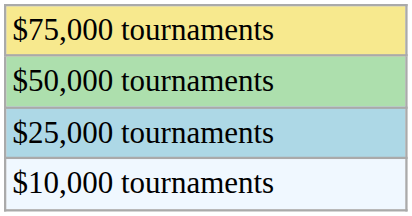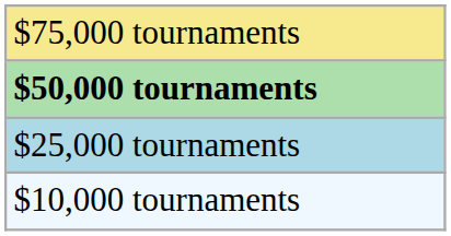 <table class="wikitable" style="font-size:85%;" width=14%>
 <tr style="background:#f7e98e;">
 <td>$75,000 tournaments</td>
 </tr>
 <tr style="background:#addfad;">
-<td>$50,000 tournaments</td>
+<td><strong>$50,000 tournaments</strong></td>
 </tr>
 <tr style="background:lightblue;">
 <td>$25,000 tournaments</td>
 </tr>
 <tr style="background:#f0f8ff;">
 <td>$10,000 tournaments</td>
 </tr>
 </table>
